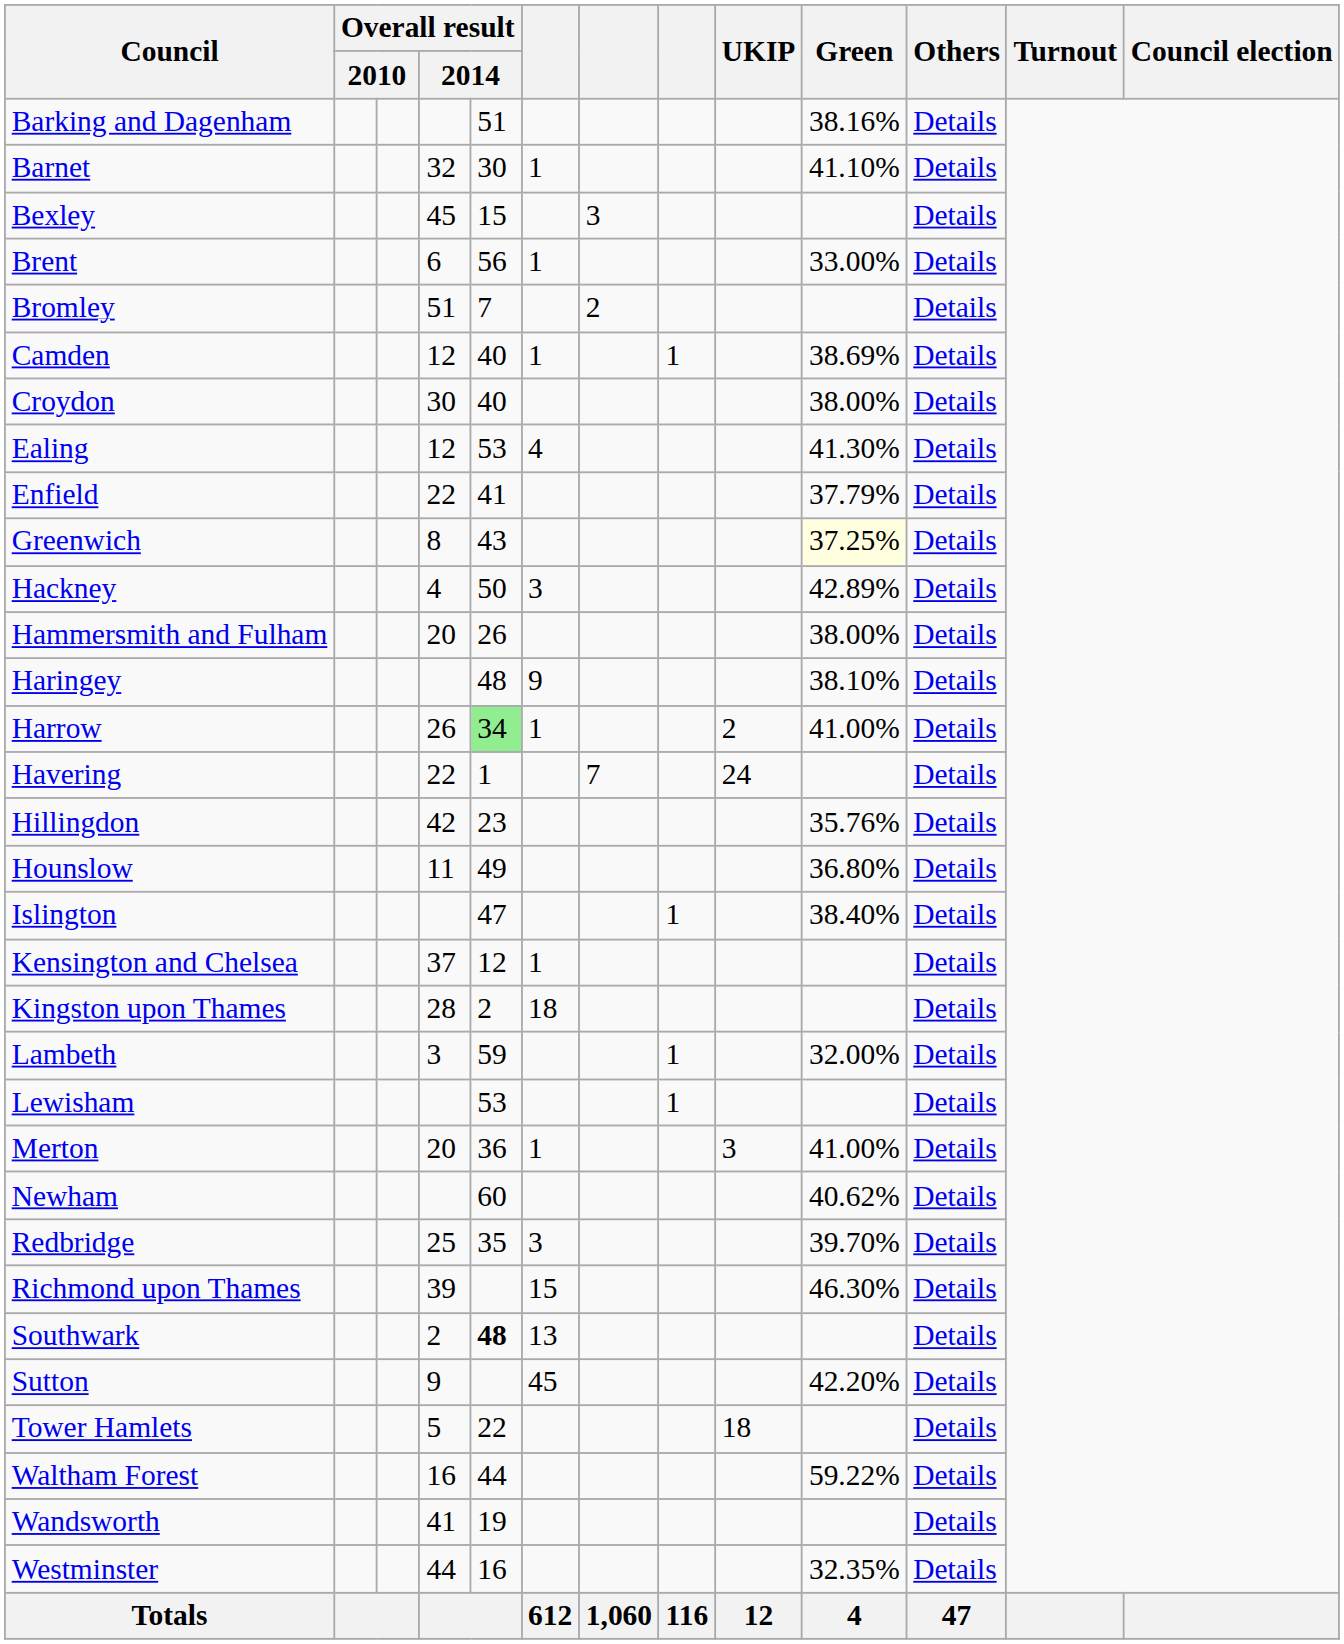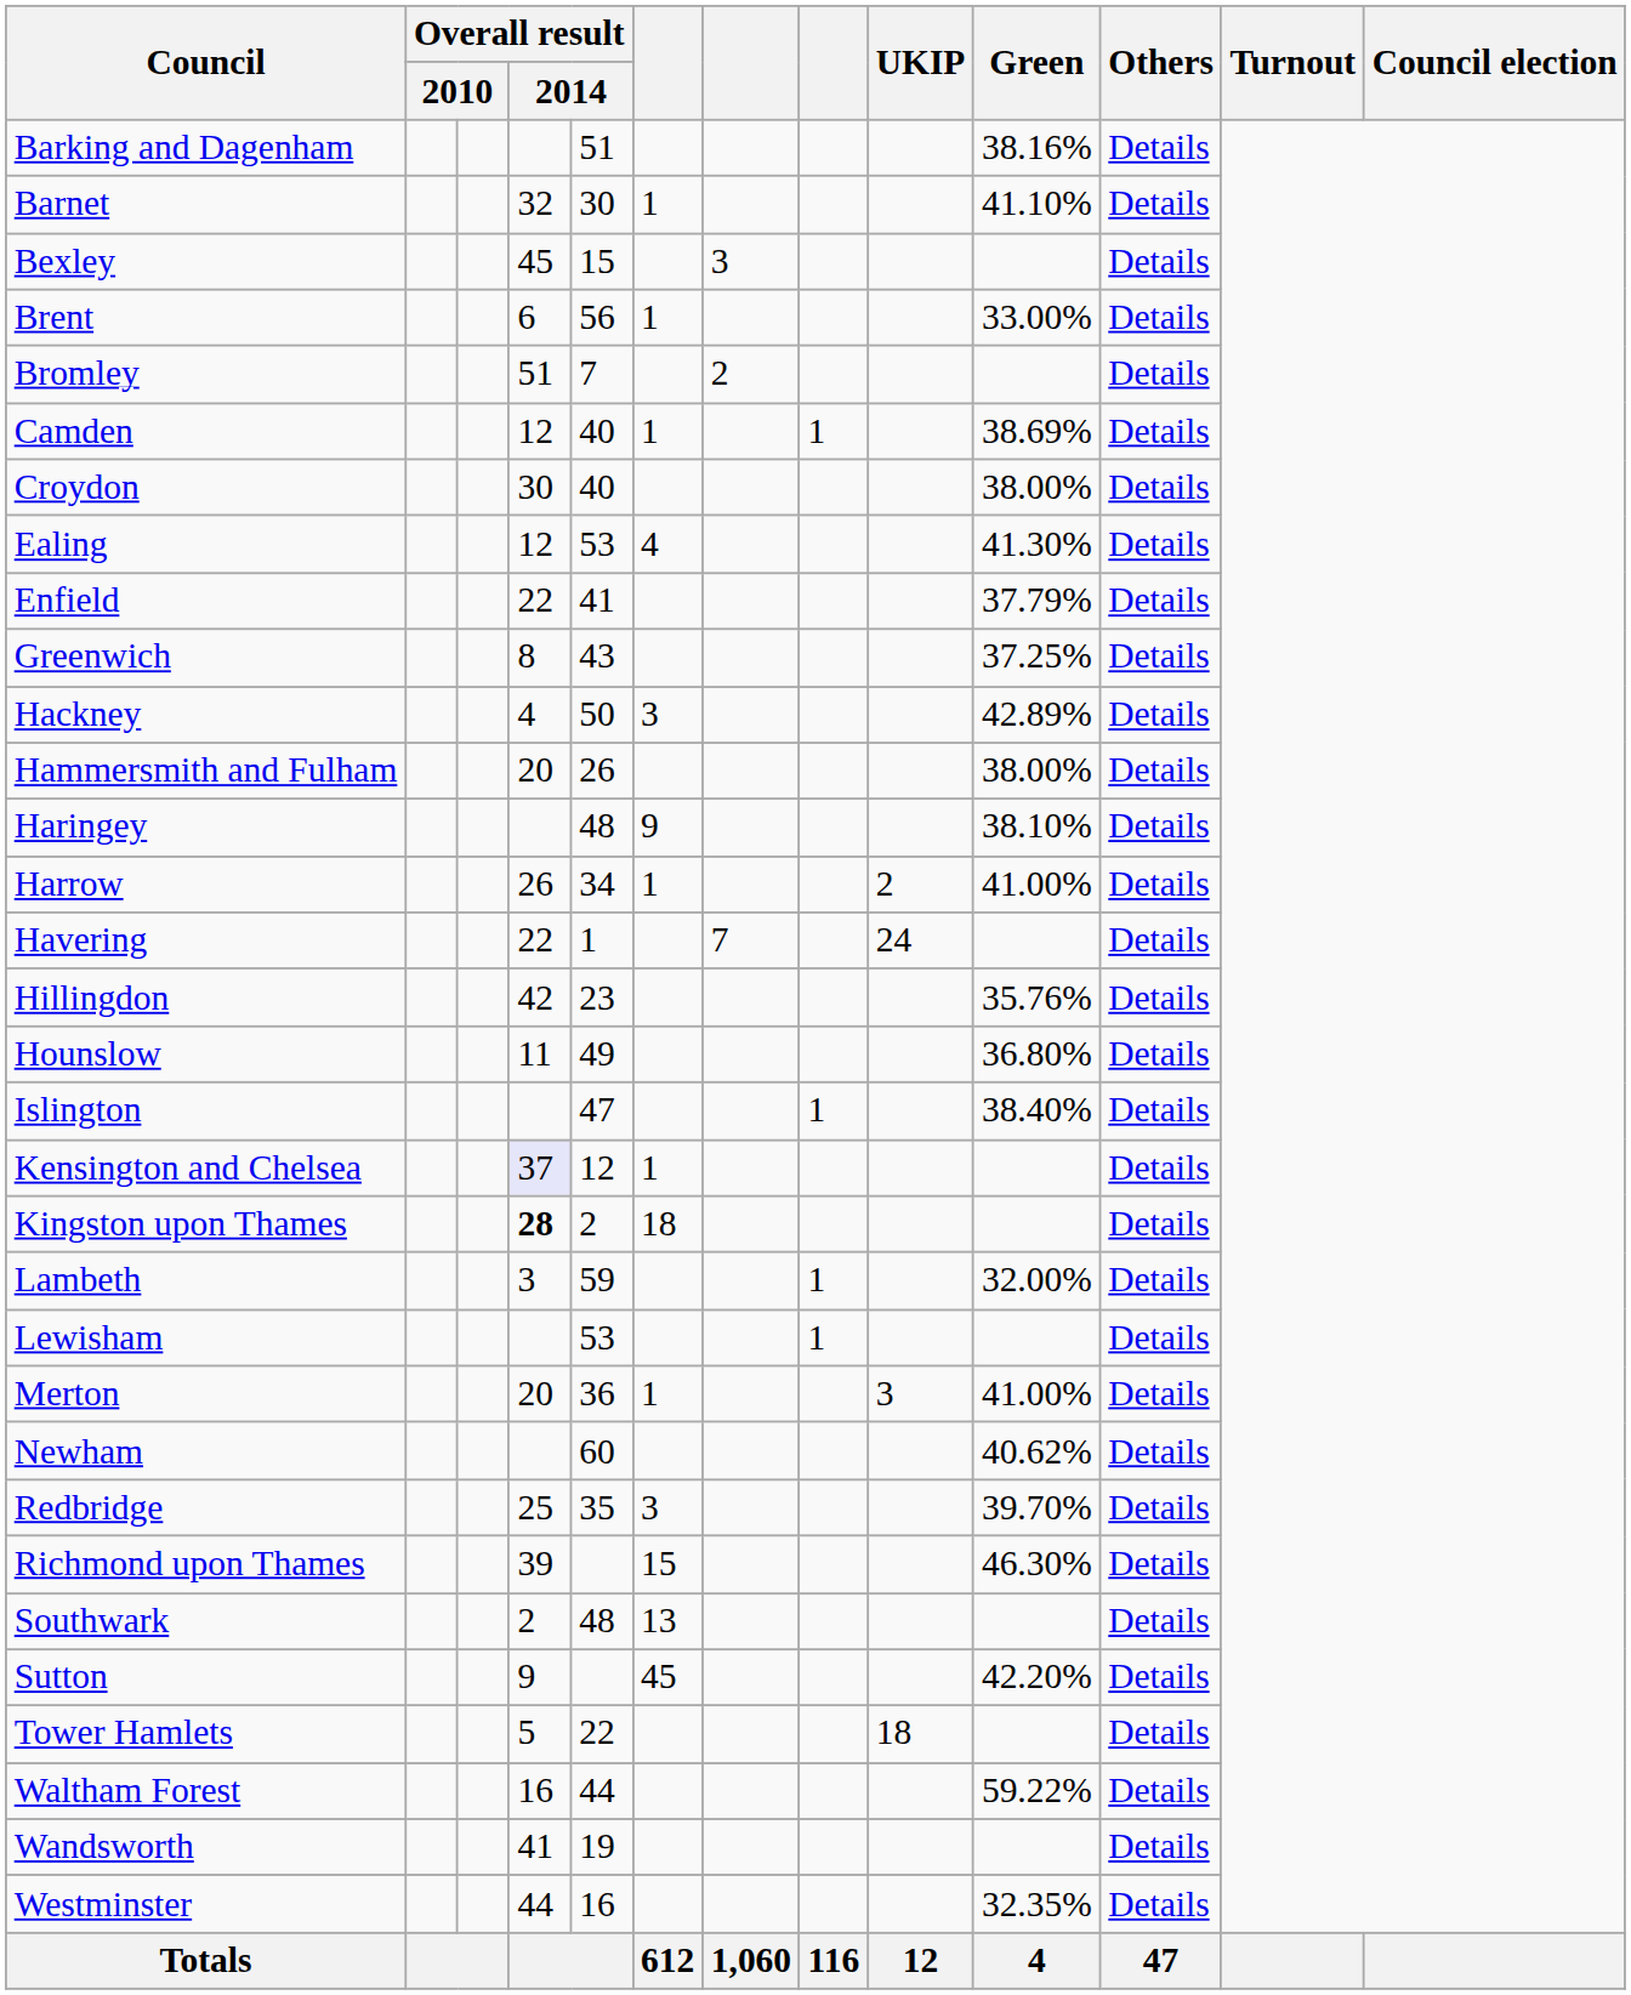 <table class="sortable wikitable">
 <tr>
 <th rowspan=2>Council</th>
 <th colspan=4>Overall result</th>
 <th rowspan=2></th>
 <th rowspan=2></th>
 <th rowspan=2></th>
 <th rowspan=2>UKIP</th>
 <th rowspan=2>Green</th>
 <th rowspan=2>Others</th>
 <th rowspan=2>Turnout</th>
 <th rowspan=2 class="unsortable">Council election</th>
 </tr>
 <tr>
 <th colspan=2>2010</th>
 <th colspan=2>2014</th>
 </tr>
 <tr>
 <td><a href='#'>Barking and Dagenham</a></td>
 <td></td>
 <td></td>
 <td></td>
 <td>51</td>
 <td></td>
 <td></td>
 <td></td>
 <td></td>
 <td>38.16%</td>
 <td><a href='#'>Details</a></td>
 </tr>
 <tr>
 <td><a href='#'>Barnet</a></td>
 <td></td>
 <td></td>
 <td>32</td>
 <td>30</td>
 <td>1</td>
 <td></td>
 <td></td>
 <td></td>
 <td>41.10%</td>
 <td><a href='#'>Details</a></td>
 </tr>
 <tr>
 <td><a href='#'>Bexley</a></td>
 <td></td>
 <td></td>
 <td>45</td>
 <td>15</td>
 <td></td>
 <td>3</td>
 <td></td>
 <td></td>
 <td></td>
 <td><a href='#'>Details</a></td>
 </tr>
 <tr>
 <td><a href='#'>Brent</a></td>
 <td></td>
 <td></td>
 <td>6</td>
 <td>56</td>
 <td>1</td>
 <td></td>
 <td></td>
 <td></td>
 <td>33.00%</td>
 <td><a href='#'>Details</a></td>
 </tr>
 <tr>
 <td><a href='#'>Bromley</a></td>
 <td></td>
 <td></td>
 <td>51</td>
 <td>7</td>
 <td></td>
 <td>2</td>
 <td></td>
 <td></td>
 <td></td>
 <td><a href='#'>Details</a></td>
 </tr>
 <tr>
 <td><a href='#'>Camden</a></td>
 <td></td>
 <td></td>
 <td>12</td>
 <td>40</td>
 <td>1</td>
 <td></td>
 <td>1</td>
 <td></td>
 <td>38.69%</td>
 <td><a href='#'>Details</a></td>
 </tr>
 <tr>
 <td><a href='#'>Croydon</a></td>
 <td></td>
 <td></td>
 <td>30</td>
 <td>40</td>
 <td></td>
 <td></td>
 <td></td>
 <td></td>
 <td>38.00%</td>
 <td><a href='#'>Details</a></td>
 </tr>
 <tr>
 <td><a href='#'>Ealing</a></td>
 <td></td>
 <td></td>
 <td>12</td>
 <td>53</td>
 <td>4</td>
 <td></td>
 <td></td>
 <td></td>
 <td>41.30%</td>
 <td><a href='#'>Details</a></td>
 </tr>
 <tr>
 <td><a href='#'>Enfield</a></td>
 <td></td>
 <td></td>
 <td>22</td>
 <td>41</td>
 <td></td>
 <td></td>
 <td></td>
 <td></td>
 <td>37.79%</td>
 <td><a href='#'>Details</a></td>
 </tr>
 <tr>
 <td><a href='#'>Greenwich</a></td>
 <td></td>
 <td></td>
 <td>8</td>
 <td>43</td>
 <td></td>
 <td></td>
 <td></td>
 <td></td>
-<td style="background: lightyellow;">37.25%</td>
+<td>37.25%</td>
 <td><a href='#'>Details</a></td>
 </tr>
 <tr>
 <td><a href='#'>Hackney</a></td>
 <td></td>
 <td></td>
 <td>4</td>
 <td>50</td>
 <td>3</td>
 <td></td>
 <td></td>
 <td></td>
 <td>42.89%</td>
 <td><a href='#'>Details</a></td>
 </tr>
 <tr>
 <td><a href='#'>Hammersmith and Fulham</a></td>
 <td></td>
 <td></td>
 <td>20</td>
 <td>26</td>
 <td></td>
 <td></td>
 <td></td>
 <td></td>
 <td>38.00%</td>
 <td><a href='#'>Details</a></td>
 </tr>
 <tr>
 <td><a href='#'>Haringey</a></td>
 <td></td>
 <td></td>
 <td></td>
 <td>48</td>
 <td>9</td>
 <td></td>
 <td></td>
 <td></td>
 <td>38.10%</td>
 <td><a href='#'>Details</a></td>
 </tr>
 <tr>
 <td><a href='#'>Harrow</a></td>
 <td></td>
 <td></td>
 <td>26</td>
-<td style="background: lightgreen;">34</td>
+<td>34</td>
 <td>1</td>
 <td></td>
 <td></td>
 <td>2</td>
 <td>41.00%</td>
 <td><a href='#'>Details</a></td>
 </tr>
 <tr>
 <td><a href='#'>Havering</a></td>
 <td></td>
 <td></td>
 <td>22</td>
 <td>1</td>
 <td></td>
 <td>7</td>
 <td></td>
 <td>24</td>
 <td></td>
 <td><a href='#'>Details</a></td>
 </tr>
 <tr>
 <td><a href='#'>Hillingdon</a></td>
 <td></td>
 <td></td>
 <td>42</td>
 <td>23</td>
 <td></td>
 <td></td>
 <td></td>
 <td></td>
 <td>35.76%</td>
 <td><a href='#'>Details</a></td>
 </tr>
 <tr>
 <td><a href='#'>Hounslow</a></td>
 <td></td>
 <td></td>
 <td>11</td>
 <td>49</td>
 <td></td>
 <td></td>
 <td></td>
 <td></td>
 <td>36.80%</td>
 <td><a href='#'>Details</a></td>
 </tr>
 <tr>
 <td><a href='#'>Islington</a></td>
 <td></td>
 <td></td>
 <td></td>
 <td>47</td>
 <td></td>
 <td></td>
 <td>1</td>
 <td></td>
 <td>38.40%</td>
 <td><a href='#'>Details</a></td>
 </tr>
 <tr>
 <td><a href='#'>Kensington and Chelsea</a></td>
 <td></td>
 <td></td>
-<td>37</td>
+<td style="background: lavender;">37</td>
 <td>12</td>
 <td>1</td>
 <td></td>
 <td></td>
 <td></td>
 <td></td>
 <td><a href='#'>Details</a></td>
 </tr>
 <tr>
 <td><a href='#'>Kingston upon Thames</a></td>
 <td></td>
 <td></td>
-<td>28</td>
+<td><strong>28</strong></td>
 <td>2</td>
 <td>18</td>
 <td></td>
 <td></td>
 <td></td>
 <td></td>
 <td><a href='#'>Details</a></td>
 </tr>
 <tr>
 <td><a href='#'>Lambeth</a></td>
 <td></td>
 <td></td>
 <td>3</td>
 <td>59</td>
 <td></td>
 <td></td>
 <td>1</td>
 <td></td>
 <td>32.00%</td>
 <td><a href='#'>Details</a></td>
 </tr>
 <tr>
 <td><a href='#'>Lewisham</a></td>
 <td></td>
 <td></td>
 <td></td>
 <td>53</td>
 <td></td>
 <td></td>
 <td>1</td>
 <td></td>
 <td></td>
 <td><a href='#'>Details</a></td>
 </tr>
 <tr>
 <td><a href='#'>Merton</a></td>
 <td></td>
 <td></td>
 <td>20</td>
 <td>36</td>
 <td>1</td>
 <td></td>
 <td></td>
 <td>3</td>
 <td>41.00%</td>
 <td><a href='#'>Details</a></td>
 </tr>
 <tr>
 <td><a href='#'>Newham</a></td>
 <td></td>
 <td></td>
 <td></td>
 <td>60</td>
 <td></td>
 <td></td>
 <td></td>
 <td></td>
 <td>40.62%</td>
 <td><a href='#'>Details</a></td>
 </tr>
 <tr>
 <td><a href='#'>Redbridge</a></td>
 <td></td>
 <td></td>
 <td>25</td>
 <td>35</td>
 <td>3</td>
 <td></td>
 <td></td>
 <td></td>
 <td>39.70%</td>
 <td><a href='#'>Details</a></td>
 </tr>
 <tr>
 <td><a href='#'>Richmond upon Thames</a></td>
 <td></td>
 <td></td>
 <td>39</td>
 <td></td>
 <td>15</td>
 <td></td>
 <td></td>
 <td></td>
 <td>46.30%</td>
 <td><a href='#'>Details</a></td>
 </tr>
 <tr>
 <td><a href='#'>Southwark</a></td>
 <td></td>
 <td></td>
 <td>2</td>
-<td><strong>48</strong></td>
+<td>48</td>
 <td>13</td>
 <td></td>
 <td></td>
 <td></td>
 <td></td>
 <td><a href='#'>Details</a></td>
 </tr>
 <tr>
 <td><a href='#'>Sutton</a></td>
 <td></td>
 <td></td>
 <td>9</td>
 <td></td>
 <td>45</td>
 <td></td>
 <td></td>
 <td></td>
 <td>42.20%</td>
 <td><a href='#'>Details</a></td>
 </tr>
 <tr>
 <td><a href='#'>Tower Hamlets</a></td>
 <td></td>
 <td></td>
 <td>5</td>
 <td>22</td>
 <td></td>
 <td></td>
 <td></td>
 <td>18</td>
 <td></td>
 <td><a href='#'>Details</a></td>
 </tr>
 <tr>
 <td><a href='#'>Waltham Forest</a></td>
 <td></td>
 <td></td>
 <td>16</td>
 <td>44</td>
 <td></td>
 <td></td>
 <td></td>
 <td></td>
 <td>59.22%</td>
 <td><a href='#'>Details</a></td>
 </tr>
 <tr>
 <td><a href='#'>Wandsworth</a></td>
 <td></td>
 <td></td>
 <td>41</td>
 <td>19</td>
 <td></td>
 <td></td>
 <td></td>
 <td></td>
 <td></td>
 <td><a href='#'>Details</a></td>
 </tr>
 <tr>
 <td><a href='#'>Westminster</a></td>
 <td></td>
 <td></td>
 <td>44</td>
 <td>16</td>
 <td></td>
 <td></td>
 <td></td>
 <td></td>
 <td>32.35%</td>
 <td><a href='#'>Details</a></td>
 </tr>
 <tr>
 <th>Totals</th>
 <th colspan=2></th>
 <th colspan=2></th>
 <th>612</th>
 <th>1,060</th>
 <th>116</th>
 <th>12</th>
 <th>4</th>
 <th>47</th>
 <th></th>
 <th></th>
 </tr>
 </table>
